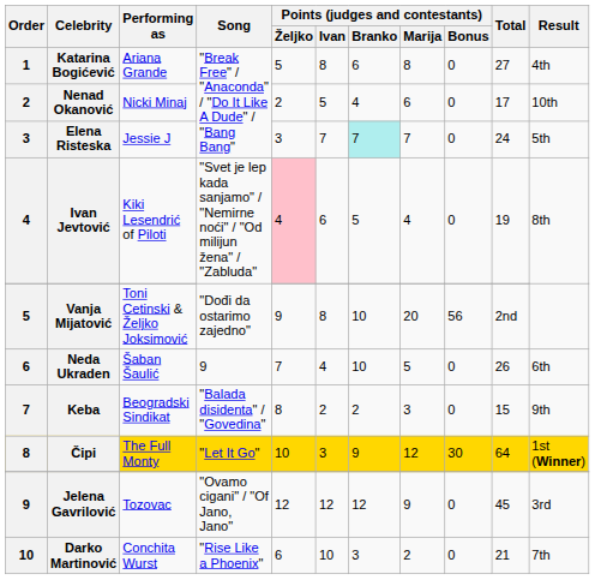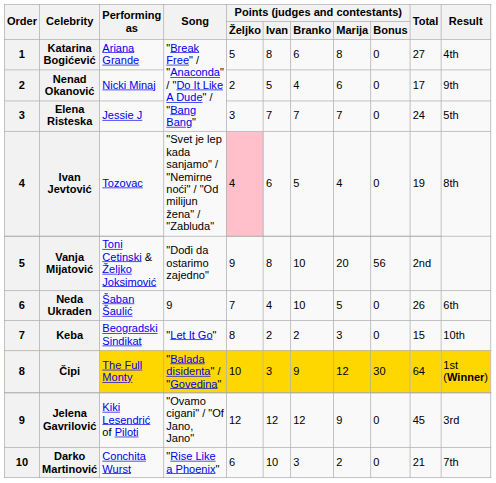 <table class=wikitable>
 <tr>
 <th rowspan="2">Order</th>
 <th rowspan="2">Celebrity</th>
 <th rowspan="2">Performing as</th>
 <th rowspan="2">Song</th>
 <th colspan="5" style="width:50%;">Points (judges and contestants)</th>
 <th rowspan="2">Total</th>
 <th rowspan="2">Result</th>
 </tr>
 <tr>
 <th style="width:10%;">Željko</th>
 <th style="width:10%;">Ivan</th>
 <th style="width:10%;">Branko</th>
 <th style="width:10%;">Marija</th>
 <th style="width:10%;">Bonus</th>
 </tr>
 <tr>
 <th scope="row">1</th>
 <th scope="row">Katarina Bogićević</th>
 <td><a href='#'>Ariana Grande</a></td>
 <td rowspan="3">"<a href='#'>Break Free</a>" / "<a href='#'>Anaconda</a>" / "<a href='#'>Do It Like A Dude</a>" / "<a href='#'>Bang Bang</a>"</td>
 <td>5</td>
 <td>8</td>
 <td>6</td>
 <td>8</td>
 <td>0</td>
 <td>27</td>
 <td>4th</td>
 </tr>
 <tr>
 <th scope="row">2</th>
 <th scope="row">Nenad Okanović</th>
 <td><a href='#'>Nicki Minaj</a></td>
 <td>2</td>
 <td>5</td>
 <td>4</td>
 <td>6</td>
 <td>0</td>
 <td>17</td>
-<td>10th</td>
+<td>9th</td>
 </tr>
 <tr>
 <th scope="row">3</th>
 <th scope="row">Elena Risteska</th>
 <td><a href='#'>Jessie J</a></td>
 <td>3</td>
 <td>7</td>
-<td style="background: paleturquoise;">7</td>
+<td>7</td>
 <td>7</td>
 <td>0</td>
 <td>24</td>
 <td>5th</td>
 </tr>
 <tr>
 <th scope="row">4</th>
 <th scope="row">Ivan Jevtović</th>
-<td><a href='#'>Kiki Lesendrić</a> of <a href='#'>Piloti</a></td>
+<td><a href='#'>Tozovac</a></td>
 <td rowspan="2">"Svet je lep kada sanjamo" / "Nemirne noći" / "Od milijun žena" / "Zabluda"</td>
 <td style="background: pink;">4</td>
 <td>6</td>
 <td>5</td>
 <td>4</td>
 <td>0</td>
 <td>19</td>
 <td>8th</td>
 </tr>
 <tr>
 </tr>
 <tr -bgcolor="silver">
 <th scope="row">5</th>
 <th scope="row">Vanja Mijatović</th>
 <td><a href='#'>Toni Cetinski</a> & <a href='#'>Željko Joksimović</a></td>
 <td>"Dođi da ostarimo zajedno"</td>
 <td>9</td>
 <td>8</td>
 <td>10</td>
 <td>20</td>
 <td>56</td>
 <td>2nd</td>
 </tr>
 <tr>
 <th scope="row">6</th>
 <th scope="row">Neda Ukraden</th>
 <td><a href='#'>Šaban Šaulić</a></td>
 <td>9</td>
 <td>7</td>
 <td>4</td>
 <td>10</td>
 <td>5</td>
 <td>0</td>
 <td>26</td>
 <td>6th</td>
 </tr>
 <tr>
 <th scope="row">7</th>
 <th scope="row">Keba</th>
 <td><a href='#'>Beogradski Sindikat</a></td>
-<td>"<a href='#'>Balada disidenta</a>" / "<a href='#'>Govedina</a>"</td>
+<td>"<a href='#'>Let It Go</a>"</td>
 <td>8</td>
 <td>2</td>
 <td>2</td>
 <td>3</td>
 <td>0</td>
 <td>15</td>
-<td>9th</td>
+<td>10th</td>
 </tr>
 <tr style="background:gold;">
 <th scope="row">8</th>
 <th scope="row">Čipi</th>
 <td><a href='#'>The Full Monty</a></td>
-<td>"<a href='#'>Let It Go</a>"</td>
+<td>"<a href='#'>Balada disidenta</a>" / "<a href='#'>Govedina</a>"</td>
 <td>10</td>
 <td>3</td>
 <td>9</td>
 <td>12</td>
 <td>30</td>
 <td>64</td>
 <td>1st (<strong>Winner</strong>)</td>
 </tr>
 <tr>
 </tr>
 <tr -bgcolor="tan">
 <th scope="row">9</th>
 <th scope="row">Jelena Gavrilović</th>
-<td><a href='#'>Tozovac</a></td>
+<td><a href='#'>Kiki Lesendrić</a> of <a href='#'>Piloti</a></td>
 <td>"Ovamo cigani" / "Of Jano, Jano"</td>
 <td>12</td>
 <td>12</td>
 <td>12</td>
 <td>9</td>
 <td>0</td>
 <td>45</td>
 <td>3rd</td>
 </tr>
 <tr>
 <th scope="row">10</th>
 <th scope="row">Darko Martinović</th>
 <td><a href='#'>Conchita Wurst</a></td>
 <td>"<a href='#'>Rise Like a Phoenix</a>"</td>
 <td>6</td>
 <td>10</td>
 <td>3</td>
 <td>2</td>
 <td>0</td>
 <td>21</td>
 <td>7th</td>
 </tr>
 </table>
